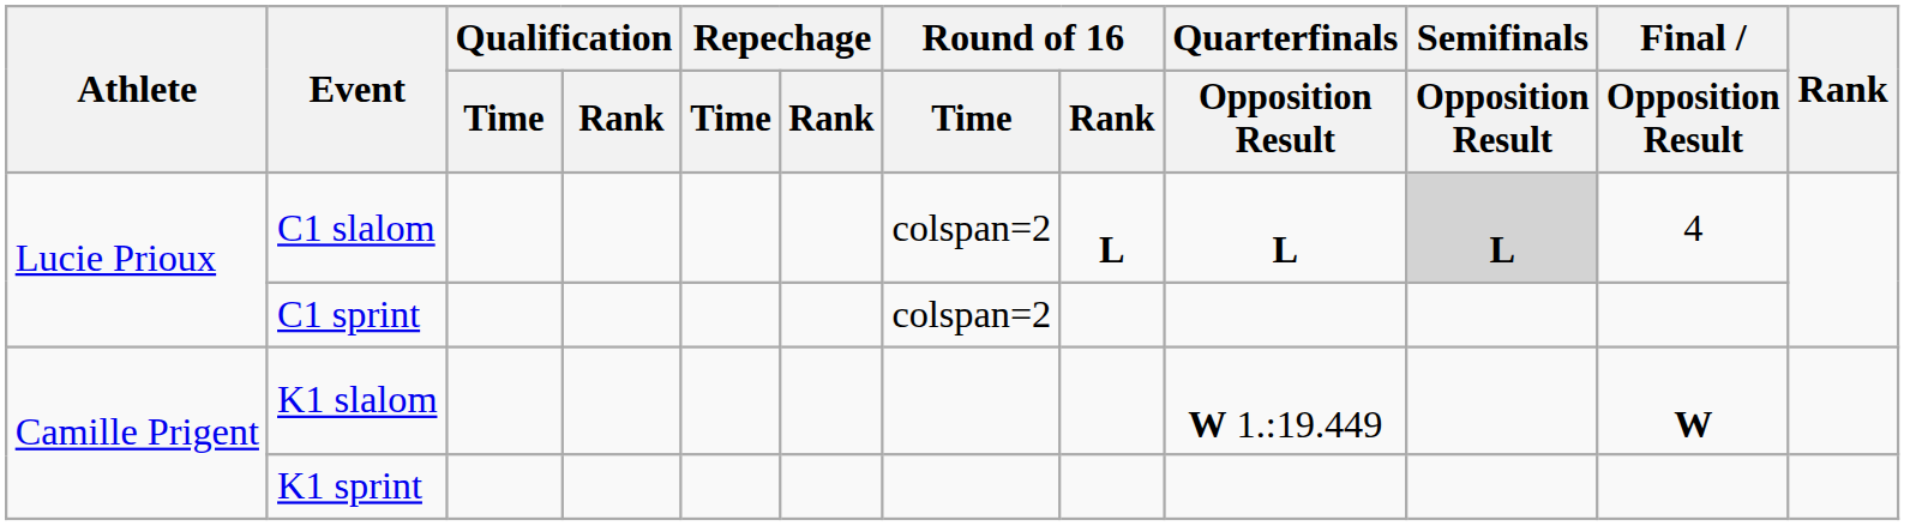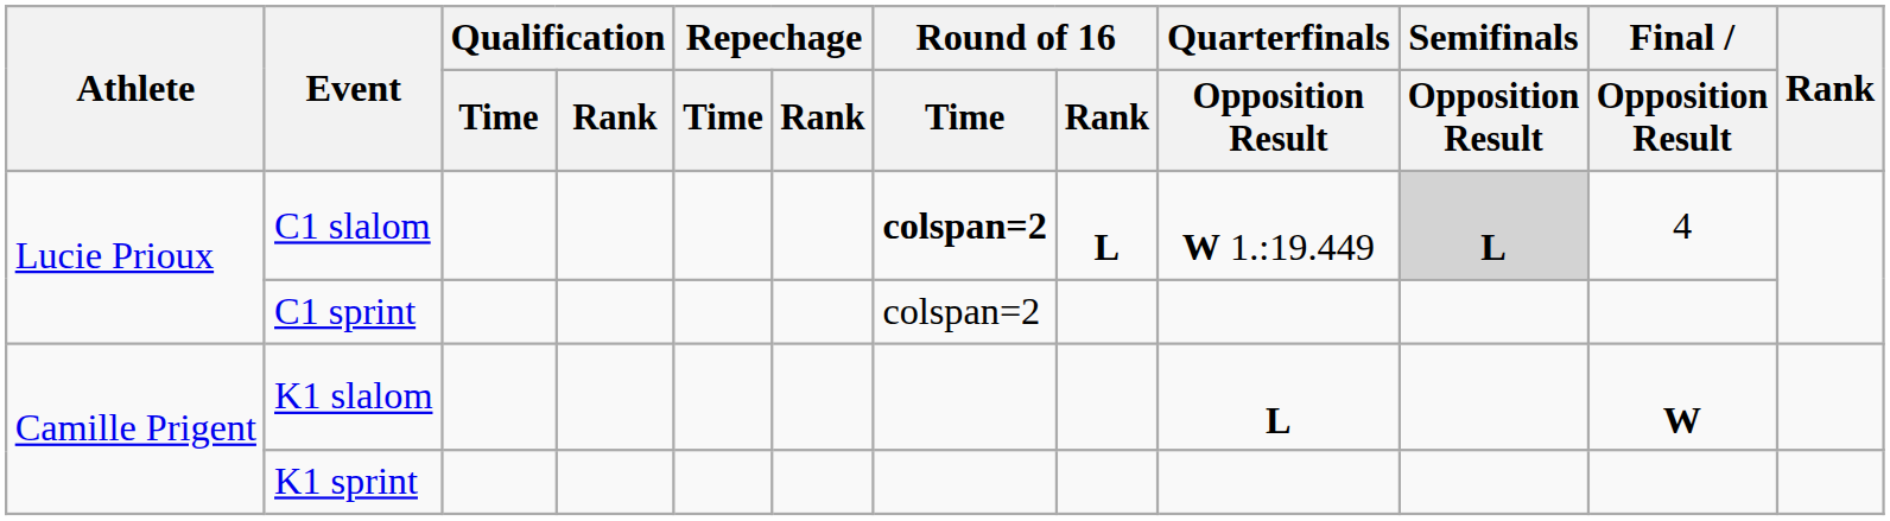 <table class="wikitable" style="font-size:90%;">
 <tr>
 <th rowspan=2>Athlete</th>
 <th rowspan=2>Event</th>
 <th colspan=2>Qualification</th>
 <th colspan=2>Repechage</th>
 <th colspan=2>Round of 16</th>
 <th>Quarterfinals</th>
 <th>Semifinals</th>
 <th>Final / </th>
 <th rowspan=2>Rank</th>
 </tr>
 <tr style="font-size:95%">
 <th>Time</th>
 <th>Rank</th>
 <th>Time</th>
 <th>Rank</th>
 <th>Time</th>
 <th>Rank</th>
 <th>Opposition <br>Result</th>
 <th>Opposition <br>Result</th>
 <th>Opposition <br>Result</th>
 </tr>
 <tr align=center>
 <td rowspan=2 align=left><a href='#'>Lucie Prioux</a></td>
 <td align=left><a href='#'>C1 slalom</a></td>
 <td></td>
 <td></td>
 <td></td>
 <td></td>
-<td>colspan=2 </td>
+<td><strong>colspan=2 </strong></td>
 <td><br><strong>L</strong></td>
-<td><br><strong>L</strong></td>
+<td><br><strong>W</strong> 1.:19.449</td>
 <td style="background: lightgrey;"><br><strong>L</strong></td>
 <td>4</td>
 </tr>
 <tr>
 <td align=left><a href='#'>C1 sprint</a></td>
 <td></td>
 <td></td>
 <td></td>
 <td></td>
 <td>colspan=2 </td>
 <td></td>
 <td></td>
 <td></td>
 <td></td>
 </tr>
 <tr align=center>
 <td rowspan=2 align=left><a href='#'>Camille Prigent</a></td>
 <td align=left><a href='#'>K1 slalom</a></td>
 <td></td>
 <td></td>
 <td></td>
 <td></td>
 <td></td>
 <td></td>
-<td><br><strong>W</strong> 1.:19.449</td>
+<td><br><strong>L</strong></td>
 <td></td>
 <td><br><strong>W</strong></td>
 <td></td>
 </tr>
 <tr>
 <td align=left><a href='#'>K1 sprint</a></td>
 <td></td>
 <td></td>
 <td></td>
 <td></td>
 <td></td>
 <td></td>
 <td></td>
 <td></td>
 <td></td>
 <td></td>
 </tr>
 </table>
